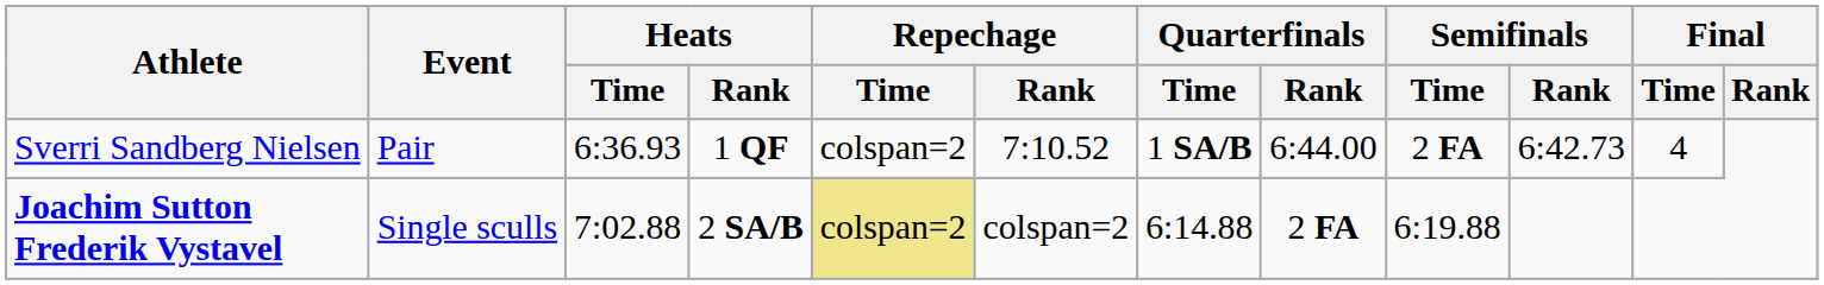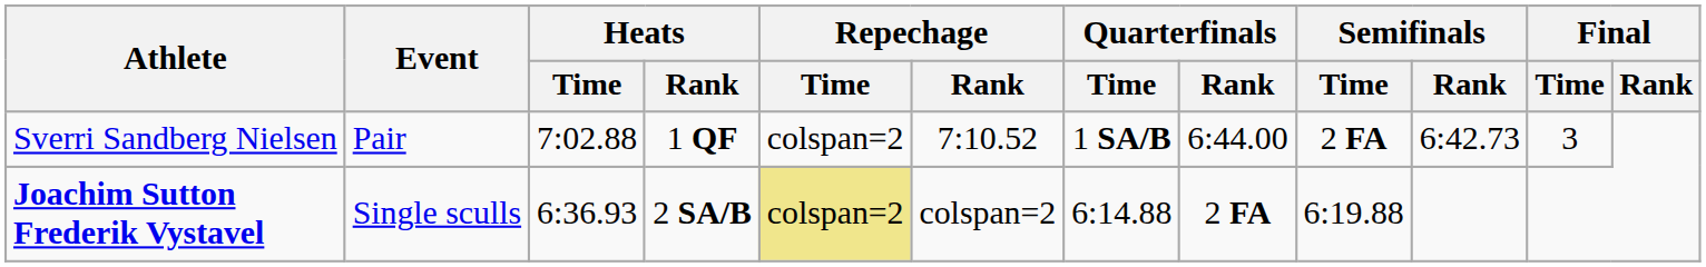 <table class="wikitable" style="font-size:90%">
 <tr>
 <th rowspan="2">Athlete</th>
 <th rowspan="2">Event</th>
 <th colspan="2">Heats</th>
 <th colspan="2">Repechage</th>
 <th colspan="2">Quarterfinals</th>
 <th colspan="2">Semifinals</th>
 <th colspan="2">Final</th>
 </tr>
 <tr style="font-size:95%">
 <th>Time</th>
 <th>Rank</th>
 <th>Time</th>
 <th>Rank</th>
 <th>Time</th>
 <th>Rank</th>
 <th>Time</th>
 <th>Rank</th>
 <th>Time</th>
 <th>Rank</th>
 </tr>
 <tr align=center>
 <td align=left><a href='#'>Sverri Sandberg Nielsen</a></td>
 <td align=left><a href='#'>Pair</a></td>
-<td>6:36.93</td>
+<td>7:02.88</td>
 <td>1 <strong>QF</strong></td>
 <td>colspan=2 </td>
 <td>7:10.52</td>
 <td>1 <strong>SA/B</strong></td>
 <td>6:44.00</td>
 <td>2 <strong>FA</strong></td>
 <td>6:42.73</td>
-<td>4</td>
+<td>3</td>
 </tr>
 <tr align=center>
 <td align=left><strong><a href='#'>Joachim Sutton</a><br><a href='#'>Frederik Vystavel</a></strong></td>
 <td align=left><a href='#'>Single sculls</a></td>
-<td>7:02.88</td>
+<td>6:36.93</td>
 <td>2 <strong>SA/B</strong></td>
 <td style="background: khaki;">colspan=2 </td>
 <td>colspan=2 </td>
 <td>6:14.88</td>
 <td>2 <strong>FA</strong></td>
 <td>6:19.88</td>
 <td></td>
 </tr>
 </table>
